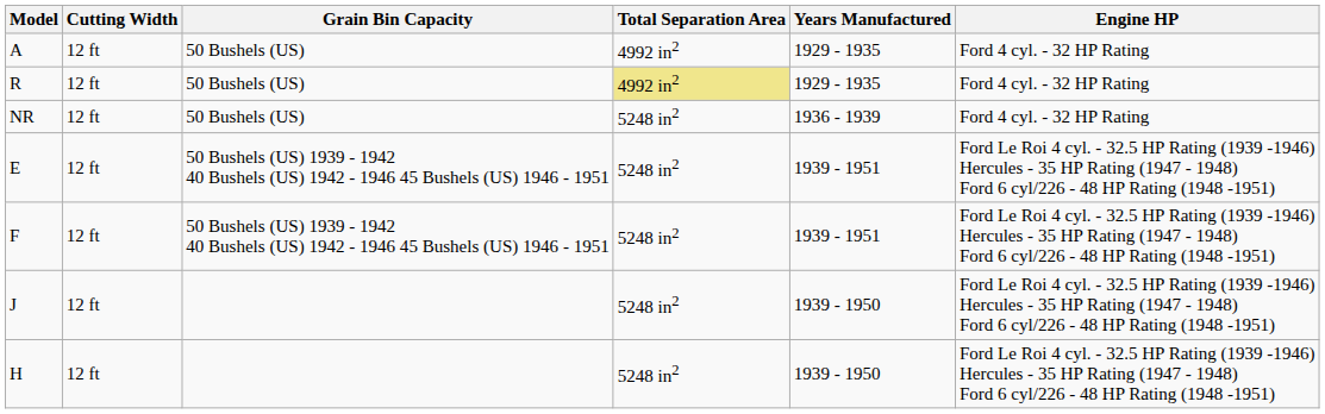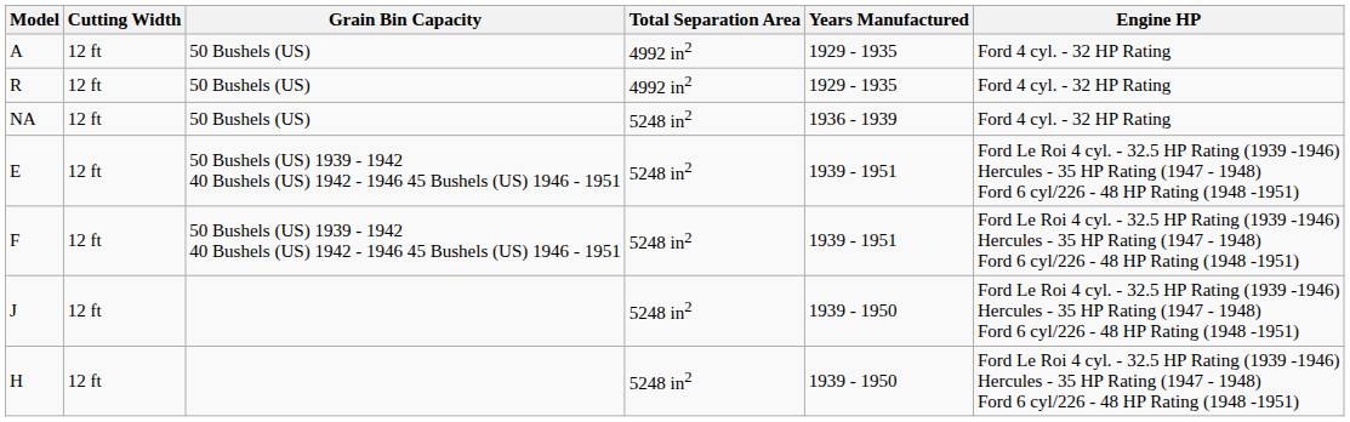 <table class="wikitable sortable">
 <tr>
 <th>Model</th>
 <th>Cutting Width</th>
 <th>Grain Bin Capacity</th>
 <th>Total Separation Area</th>
 <th>Years Manufactured</th>
 <th>Engine HP</th>
 </tr>
 <tr>
 <td>A</td>
 <td>12 ft</td>
 <td>50 Bushels (US)</td>
 <td>4992 in<sup>2</sup></td>
 <td>1929 - 1935</td>
 <td>Ford 4 cyl. - 32 HP Rating</td>
 </tr>
 <tr>
 <td>R</td>
 <td>12 ft</td>
 <td>50 Bushels (US)</td>
-<td style="background: khaki;">4992 in<sup>2</sup></td>
+<td>4992 in<sup>2</sup></td>
 <td>1929 - 1935</td>
 <td>Ford 4 cyl. - 32 HP Rating</td>
 </tr>
 <tr>
-<td>NR</td>
+<td>NA</td>
 <td>12 ft</td>
 <td>50 Bushels (US)</td>
 <td>5248 in<sup>2</sup></td>
 <td>1936 - 1939</td>
 <td>Ford 4 cyl. - 32 HP Rating</td>
 </tr>
 <tr>
 <td>E</td>
 <td>12 ft</td>
 <td>50 Bushels (US)  1939 - 1942<br>40 Bushels (US) 1942 - 1946 45 Bushels (US) 1946 - 1951</td>
 <td>5248 in<sup>2</sup></td>
 <td>1939 - 1951</td>
 <td>Ford Le Roi 4 cyl. - 32.5 HP Rating (1939 -1946)<br>Hercules - 35 HP Rating (1947 - 1948)<br>Ford 6 cyl/226 - 48 HP Rating (1948 -1951)</td>
 </tr>
 <tr>
 <td>F</td>
 <td>12 ft</td>
 <td>50 Bushels (US)  1939 - 1942<br>40 Bushels (US) 1942 - 1946 45 Bushels (US) 1946 - 1951</td>
 <td>5248 in<sup>2</sup></td>
 <td>1939 - 1951</td>
 <td>Ford Le Roi 4 cyl. - 32.5 HP Rating (1939 -1946)<br>Hercules - 35 HP Rating (1947 - 1948)<br>Ford 6 cyl/226 - 48 HP Rating (1948 -1951)</td>
 </tr>
 <tr>
 <td>J</td>
 <td>12 ft</td>
 <td></td>
 <td>5248 in<sup>2</sup></td>
 <td>1939 - 1950</td>
 <td>Ford Le Roi 4 cyl. - 32.5 HP Rating (1939 -1946)<br>Hercules - 35 HP Rating (1947 - 1948)<br>Ford 6 cyl/226 - 48 HP Rating (1948 -1951)</td>
 </tr>
 <tr>
 <td>H</td>
 <td>12 ft</td>
 <td></td>
 <td>5248 in<sup>2</sup></td>
 <td>1939 - 1950</td>
 <td>Ford Le Roi 4 cyl. - 32.5 HP Rating (1939 -1946)<br>Hercules - 35 HP Rating (1947 - 1948)<br>Ford 6 cyl/226 - 48 HP Rating (1948 -1951)</td>
 </tr>
 </table>
